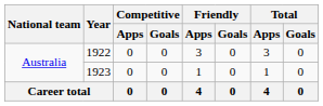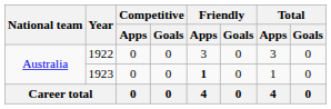 <table class="wikitable" style="text-align:center">
 <tr>
 <th rowspan="2">National team</th>
 <th rowspan="2">Year</th>
 <th colspan="2">Competitive</th>
 <th colspan="2">Friendly</th>
 <th colspan="2">Total</th>
 </tr>
 <tr>
 <th>Apps</th>
 <th>Goals</th>
 <th>Apps</th>
 <th>Goals</th>
 <th>Apps</th>
 <th>Goals</th>
 </tr>
 <tr>
 <td rowspan="2"><a href='#'>Australia</a></td>
 <td>1922</td>
 <td>0</td>
 <td>0</td>
 <td>3</td>
 <td>0</td>
 <td>3</td>
 <td>0</td>
 </tr>
 <tr>
 <td>1923</td>
 <td>0</td>
 <td>0</td>
-<td>1</td>
+<td><strong>1</strong></td>
 <td>0</td>
 <td>1</td>
 <td>0</td>
 </tr>
 <tr>
 <th colspan="2">Career total</th>
 <th>0</th>
 <th>0</th>
 <th>4</th>
 <th>0</th>
 <th>4</th>
 <th>0</th>
 </tr>
 </table>
